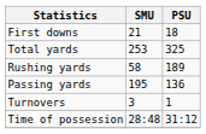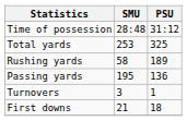 <table class="wikitable" style="float: left;">
 <tr>
 <th>Statistics</th>
 <th>SMU</th>
 <th>PSU</th>
 </tr>
 <tr>
-<td>First downs</td>
-<td>21</td>
-<td>18</td>
+<td>Time of possession</td>
+<td>28:48</td>
+<td>31:12</td>
 </tr>
 <tr>
 <td>Total yards</td>
 <td>253</td>
 <td>325</td>
 </tr>
 <tr>
 <td>Rushing yards</td>
 <td>58</td>
 <td>189</td>
 </tr>
 <tr>
 <td>Passing yards</td>
 <td>195</td>
 <td>136</td>
 </tr>
 <tr>
 <td>Turnovers</td>
 <td>3</td>
 <td>1</td>
 </tr>
 <tr>
-<td>Time of possession</td>
-<td>28:48</td>
-<td>31:12</td>
+<td>First downs</td>
+<td>21</td>
+<td>18</td>
 </tr>
 <tr>
 </tr>
 </table>
